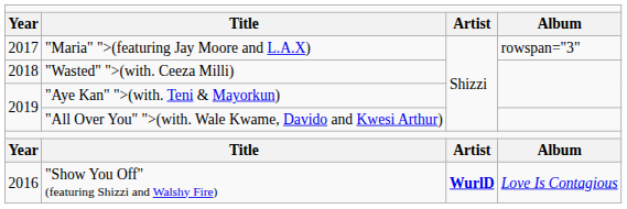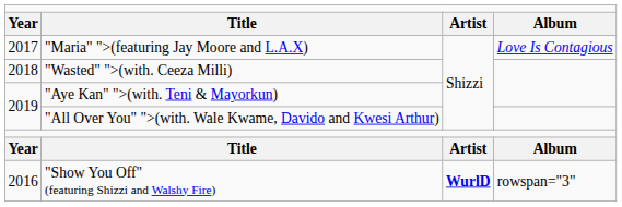 <table class="wikitable sortable">
 <tr>
 <td colspan="4" style="font-size:110%"></td>
 </tr>
 <tr>
 <th>Year</th>
 <th>Title</th>
 <th>Artist</th>
 <th>Album</th>
 </tr>
 <tr>
 <td>2017</td>
 <td>"Maria" <span>">(featuring Jay Moore and <a href='#'>L.A.X</a>)</span></td>
 <td rowspan="4">Shizzi</td>
-<td>rowspan="3" </td>
+<td><em><a href='#'>Love Is Contagious</a></em></td>
 </tr>
 <tr>
 <td>2018</td>
 <td>"Wasted" <span>">(with. Ceeza Milli)</span></td>
 </tr>
 <tr>
 <td rowspan="2">2019</td>
 <td>"Aye Kan" <span>">(with. <a href='#'>Teni</a> & <a href='#'>Mayorkun</a>)</span></td>
 </tr>
 <tr>
 <td>"All Over You" <span>">(with. Wale Kwame, <a href='#'>Davido</a> and <a href='#'>Kwesi Arthur</a>)</span></td>
 <td></td>
 </tr>
 <tr>
 <td colspan="4" style="font-size:110%"></td>
 </tr>
 <tr>
 <th>Year</th>
 <th>Title</th>
 <th>Artist</th>
 <th>Album</th>
 </tr>
 <tr>
 <td>2016</td>
 <td>"Show You Off"<br><small>(featuring Shizzi and <a href='#'>Walshy Fire</a>)</small></td>
 <td><strong><a href='#'>WurlD</a></strong></td>
-<td><em><a href='#'>Love Is Contagious</a></em></td>
+<td>rowspan="3" </td>
 </tr>
 </table>
